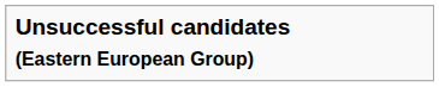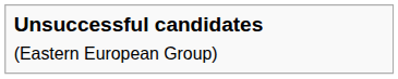 <table class="infobox" style="width:300px;">
 <tr>
 <td><strong>Unsuccessful candidates</strong></td>
 </tr>
 <tr>
-<td><strong> <small>(Eastern European Group)</small></strong></td>
+<td> <small>(Eastern European Group)</small></td>
 </tr>
 </table>
